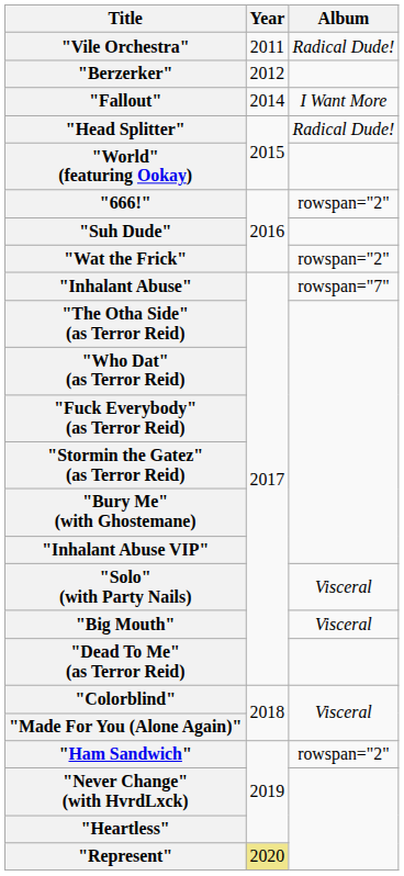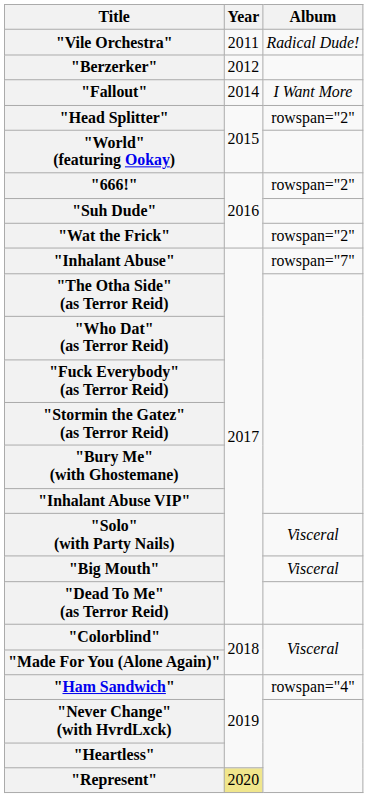 <table class="wikitable plainrowheaders" style="text-align:center;">
 <tr>
 <th scope="col">Title</th>
 <th scope="col">Year</th>
 <th scope="col">Album</th>
 </tr>
 <tr>
 <th scope="row">"Vile Orchestra"</th>
 <td>2011</td>
 <td><em>Radical Dude!</em></td>
 </tr>
 <tr>
 <th scope="row">"Berzerker"</th>
 <td>2012</td>
 </tr>
 <tr>
 <th scope="row">"Fallout"</th>
 <td>2014</td>
 <td><em>I Want More</em></td>
 </tr>
 <tr>
 <th scope="row">"Head Splitter"</th>
 <td rowspan="2">2015</td>
-<td><em>Radical Dude!</em></td>
+<td>rowspan="2" </td>
 </tr>
 <tr>
 <th scope="row">"World"<br><span>(featuring <a href='#'>Ookay</a>)</span></th>
 </tr>
 <tr>
 <th scope="row">"666!"</th>
 <td rowspan="3">2016</td>
 <td>rowspan="2"  </td>
 </tr>
 <tr>
 <th scope="row">"Suh Dude"</th>
 <td></td>
 </tr>
 <tr>
 <th scope="row">"Wat the Frick"</th>
 <td>rowspan="2" </td>
 </tr>
 <tr>
 <th scope="row">"Inhalant Abuse"</th>
 <td rowspan="10">2017</td>
 <td>rowspan="7"  </td>
 </tr>
 <tr>
 <th scope="row">"The Otha Side"<br><span>(as Terror Reid)</span></th>
 </tr>
 <tr>
 <th scope="row">"Who Dat"<br><span>(as Terror Reid)</span></th>
 </tr>
 <tr>
 <th scope="row">"Fuck Everybody"<br><span>(as Terror Reid)</span></th>
 </tr>
 <tr>
 <th scope="row">"Stormin the Gatez"<br><span>(as Terror Reid)</span></th>
 </tr>
 <tr>
 <th scope="row">"Bury Me"<br><span>(with Ghostemane)</span></th>
 </tr>
 <tr>
 <th scope="row">"Inhalant Abuse VIP"</th>
 </tr>
 <tr>
 <th scope="row">"Solo"<br><span>(with Party Nails)</span></th>
 <td rowspan="1"><em>Visceral</em></td>
 </tr>
 <tr>
 <th scope="row">"Big Mouth"</th>
 <td rowspan="1"><em>Visceral</em></td>
 </tr>
 <tr>
 <th scope="row">"Dead To Me"<br><span>(as Terror Reid)</span></th>
 </tr>
 <tr>
 <th scope="row">"Colorblind"</th>
 <td rowspan="2">2018</td>
 <td rowspan="2"><em>Visceral</em></td>
 </tr>
 <tr>
 <th scope="row">"Made For You (Alone Again)"</th>
 </tr>
 <tr>
 <th scope="row">"<a href='#'>Ham Sandwich</a>"</th>
 <td rowspan="3">2019</td>
-<td>rowspan="2"  </td>
+<td>rowspan="4" </td>
 </tr>
 <tr>
 <th scope="row">"Never Change" <br><span>(with HvrdLxck)</span></th>
 </tr>
 <tr>
 <th scope="row">"Heartless"</th>
 </tr>
 <tr>
 <th scope="row">"Represent"</th>
 <td style="background: khaki;">2020</td>
 </tr>
 </table>
